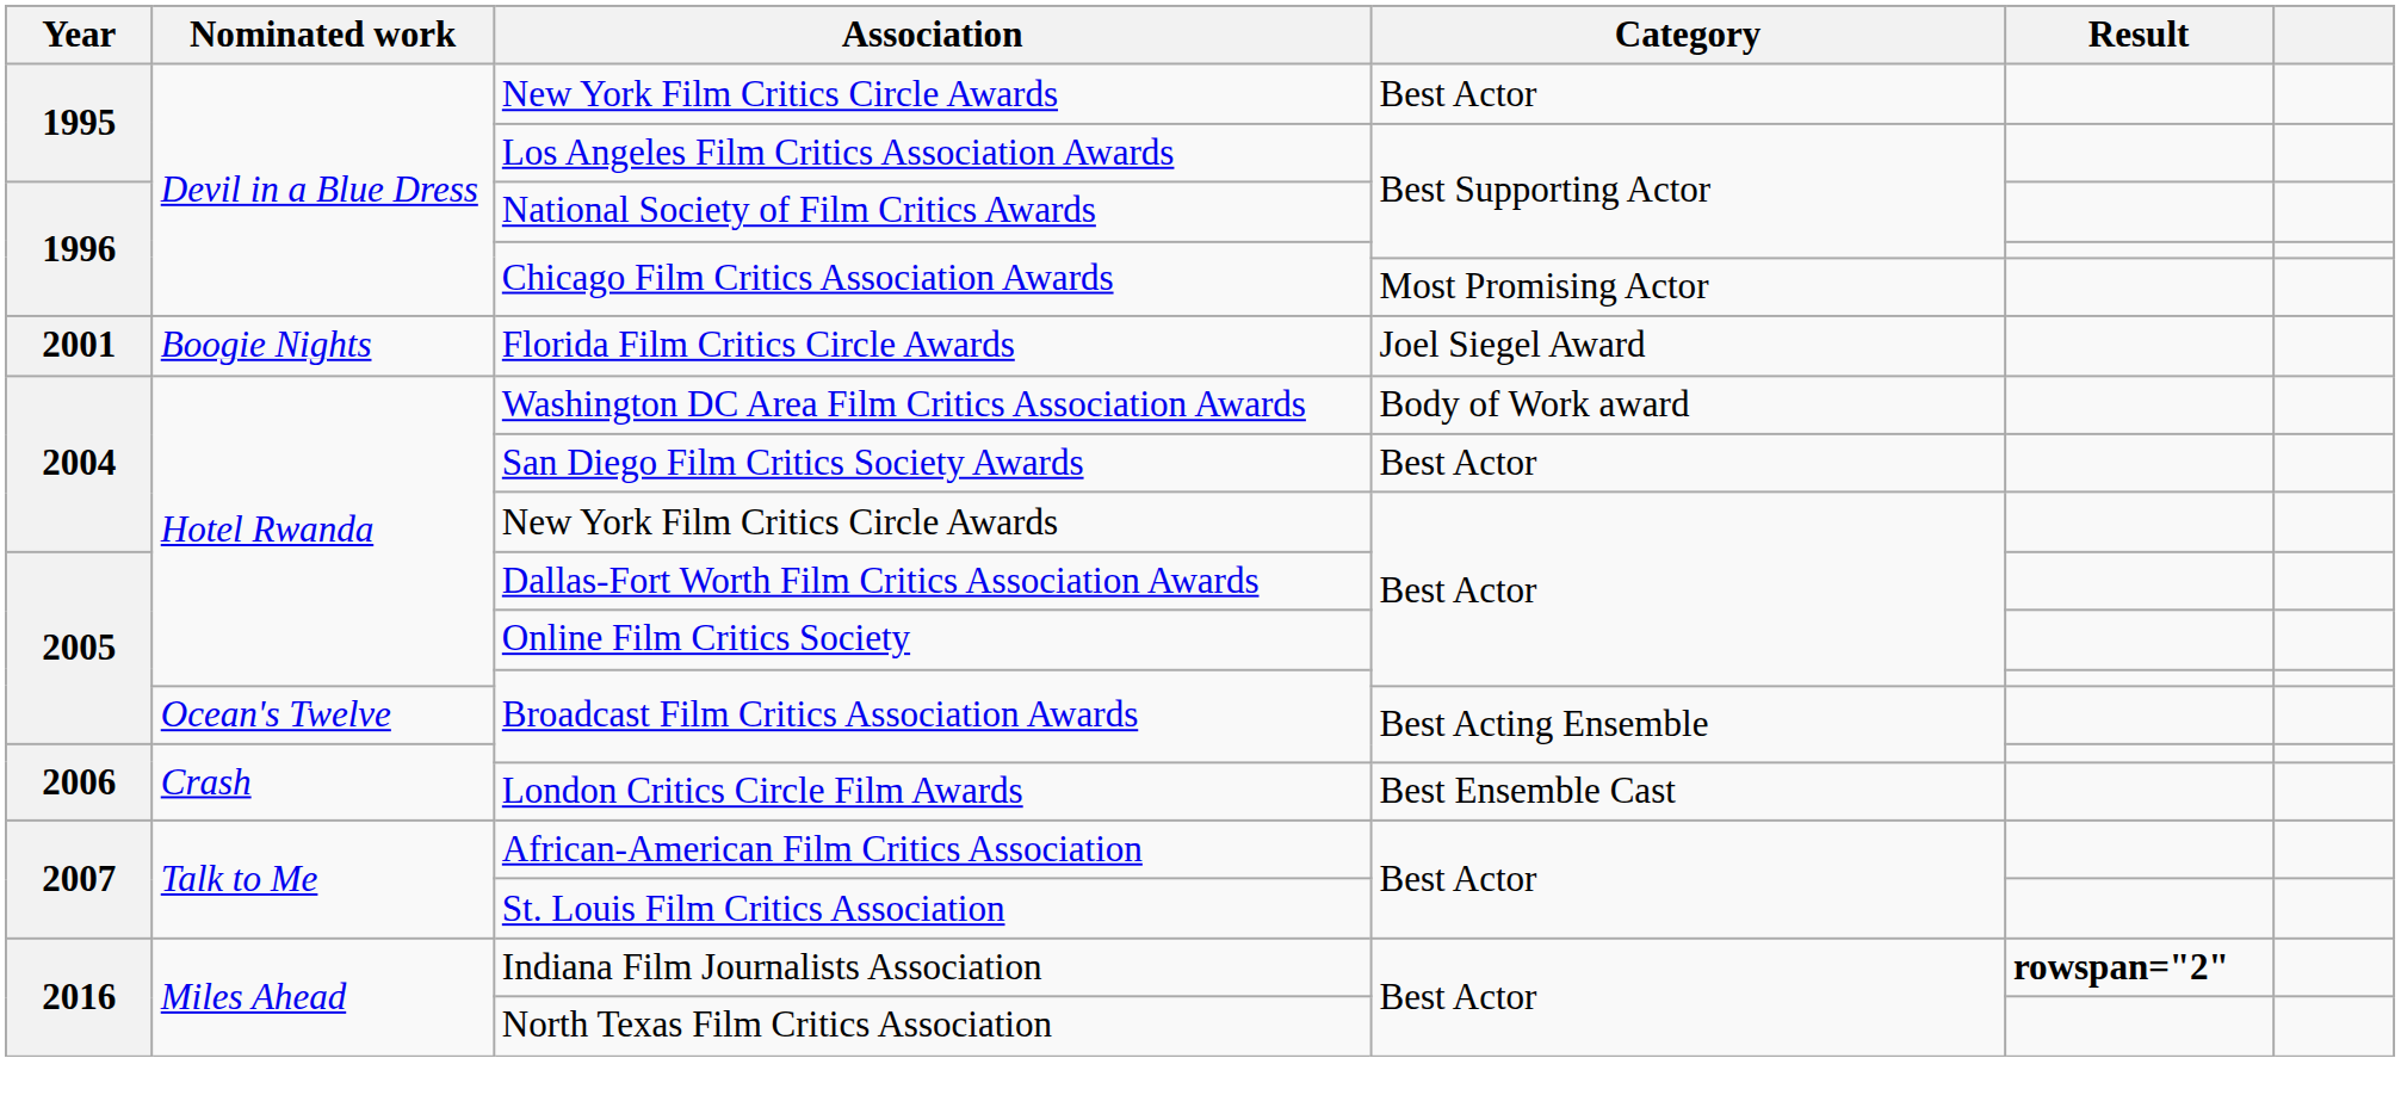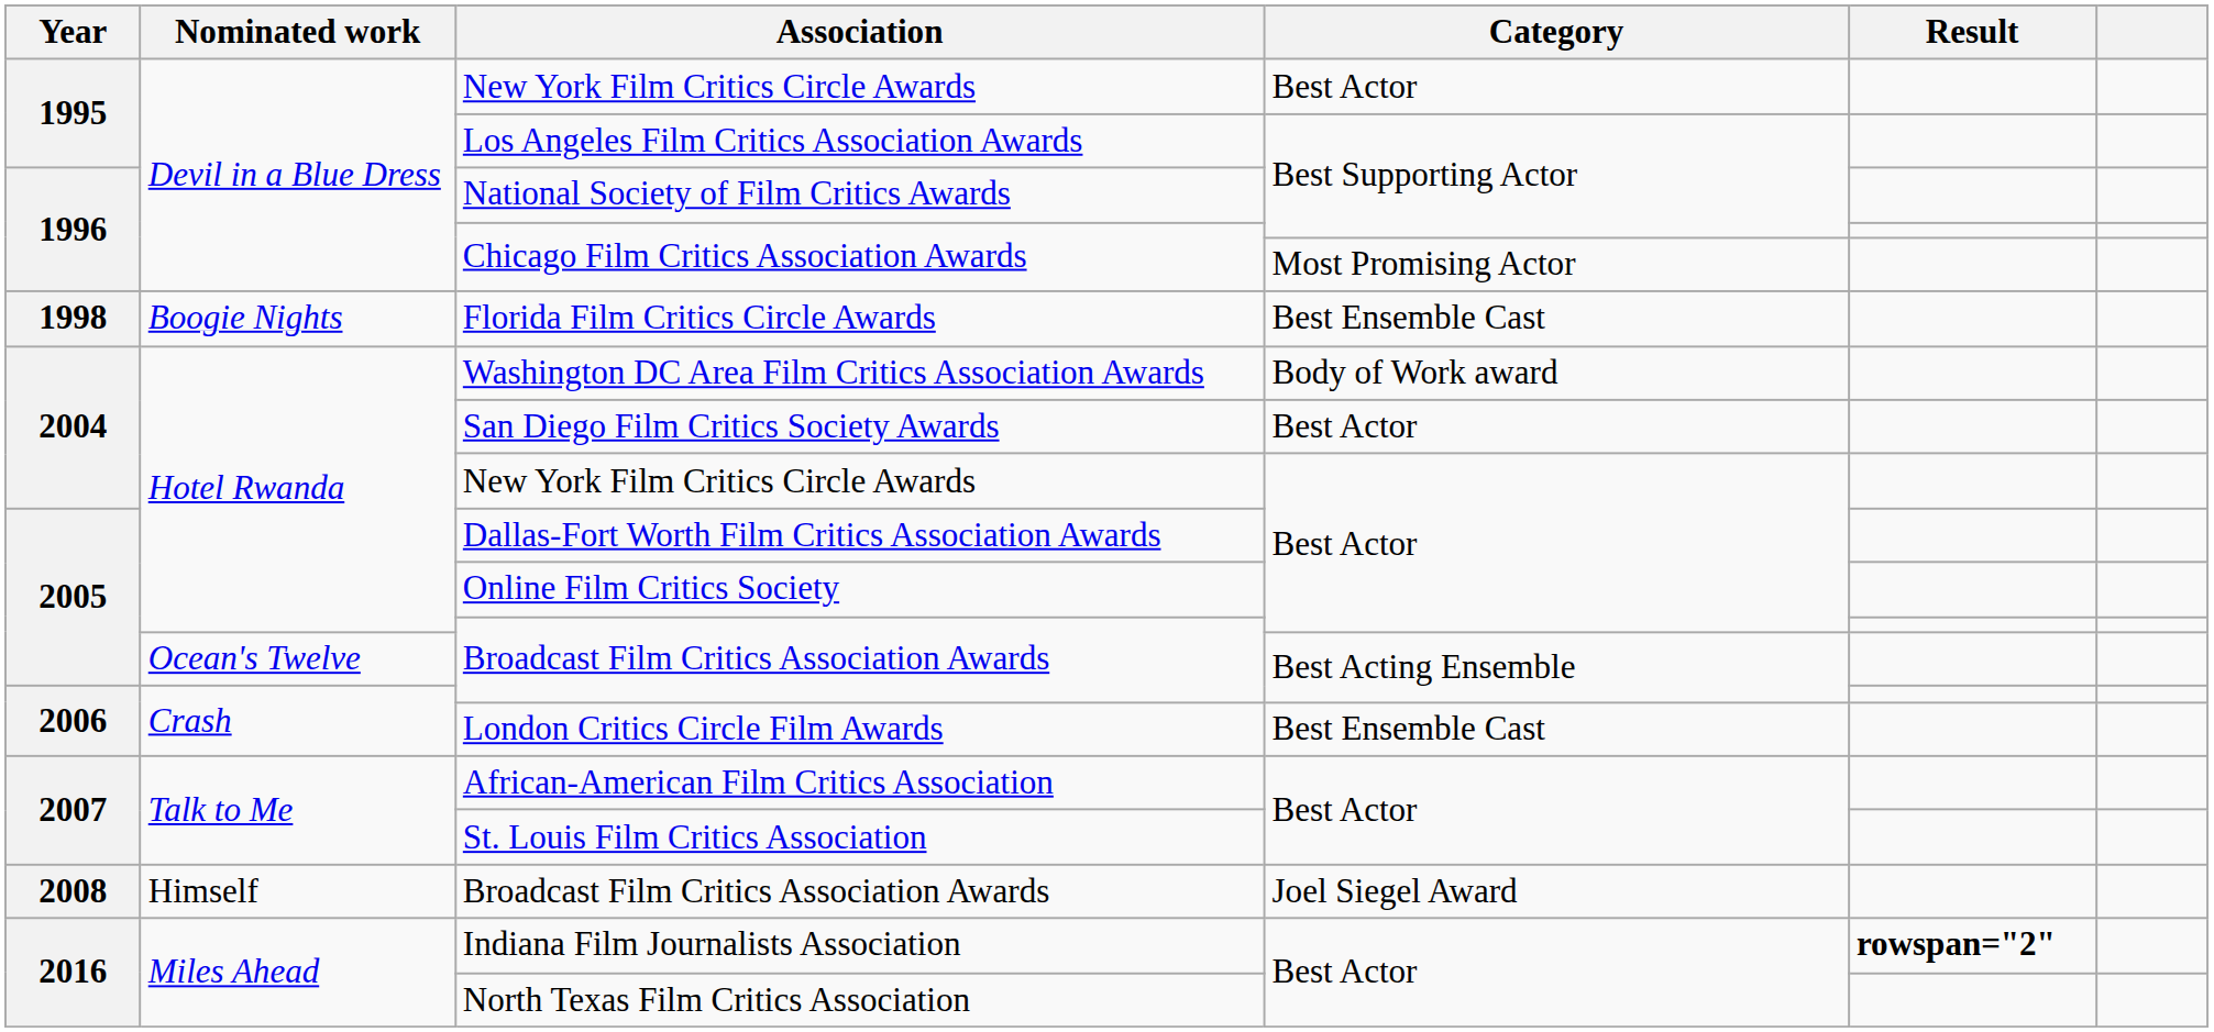 <table class="wikitable plainrowheaders">
 <tr>
 <th style="width:6%;" scope="col">Year</th>
 <th style="width:14%;" scope="col">Nominated work</th>
 <th style="width:36%;" scope="col">Association</th>
 <th style="width:26%;" scope="col">Category</th>
 <th style="width:11%;" scope="col">Result</th>
 <th style="width:5%;" scope="col"></th>
 </tr>
 <tr>
 <th rowspan="2" scope="row" style="text-align:center;">1995</th>
 <td rowspan="5"><em><a href='#'>Devil in a Blue Dress</a></em></td>
 <td><a href='#'>New York Film Critics Circle Awards</a></td>
 <td>Best Actor</td>
 <td></td>
 <td style="text-align:center;"></td>
 </tr>
 <tr>
 <td><a href='#'>Los Angeles Film Critics Association Awards</a></td>
 <td rowspan="3">Best Supporting Actor</td>
 <td></td>
 <td style="text-align:center;"></td>
 </tr>
 <tr>
 <th rowspan="3" scope="row" style="text-align:center;">1996</th>
 <td><a href='#'>National Society of Film Critics Awards</a></td>
 <td></td>
 <td style="text-align:center;"></td>
 </tr>
 <tr>
 <td rowspan="2"><a href='#'>Chicago Film Critics Association Awards</a></td>
 <td></td>
 <td style="text-align:center;"></td>
 </tr>
 <tr>
 <td>Most Promising Actor</td>
 <td></td>
 <td style="text-align:center;"></td>
 </tr>
 <tr>
-<th scope="row" style="text-align:center;">2001</th>
+<th scope="row" style="text-align:center;">1998</th>
 <td rowspan="1"><em><a href='#'>Boogie Nights</a></em></td>
 <td><a href='#'>Florida Film Critics Circle Awards</a></td>
-<td>Joel Siegel Award</td>
+<td>Best Ensemble Cast</td>
 <td></td>
 <td style="text-align:center;"></td>
 </tr>
 <tr>
 <th rowspan="3" scope="row" style="text-align:center;">2004</th>
 <td rowspan="6"><em><a href='#'>Hotel Rwanda</a></em></td>
 <td><a href='#'>Washington DC Area Film Critics Association Awards</a></td>
 <td>Body of Work award</td>
 <td></td>
 <td style="text-align:center;"></td>
 </tr>
 <tr>
 <td><a href='#'>San Diego Film Critics Society Awards</a></td>
 <td>Best Actor</td>
 <td></td>
 <td style="text-align:center;"></td>
 </tr>
 <tr>
 <td>New York Film Critics Circle Awards</td>
 <td rowspan="4">Best Actor</td>
 <td></td>
 <td style="text-align:center;"></td>
 </tr>
 <tr>
 <th rowspan="4" scope="row" style="text-align:center;">2005</th>
 <td><a href='#'>Dallas-Fort Worth Film Critics Association Awards</a></td>
 <td></td>
 <td style="text-align:center;"></td>
 </tr>
 <tr>
 <td><a href='#'>Online Film Critics Society</a></td>
 <td></td>
 <td style="text-align:center;"></td>
 </tr>
 <tr>
 <td rowspan="3"><a href='#'>Broadcast Film Critics Association Awards</a></td>
 <td></td>
 <td style="text-align:center;"></td>
 </tr>
 <tr>
 <td><em><a href='#'>Ocean's Twelve</a></em></td>
 <td rowspan="2">Best Acting Ensemble</td>
 <td></td>
 <td style="text-align:center;"></td>
 </tr>
 <tr>
 <th rowspan="2" scope="row" style="text-align:center;">2006</th>
 <td rowspan="2"><em><a href='#'>Crash</a></em></td>
 <td></td>
 <td style="text-align:center;"></td>
 </tr>
 <tr>
 <td><a href='#'>London Critics Circle Film Awards</a></td>
 <td>Best Ensemble Cast</td>
 <td></td>
 <td style="text-align:center;"></td>
 </tr>
 <tr>
 <th rowspan="2" scope="row" style="text-align:center;">2007</th>
 <td rowspan="2"><em><a href='#'>Talk to Me</a></em></td>
 <td><a href='#'>African-American Film Critics Association</a></td>
 <td rowspan="2">Best Actor</td>
 <td></td>
 <td style="text-align:center;"></td>
 </tr>
 <tr>
 <td><a href='#'>St. Louis Film Critics Association</a></td>
 <td></td>
 <td style="text-align:center;"></td>
 </tr>
 <tr>
+<th scope="row" style="text-align:center;">2008</th>
+<td>Himself</td>
+<td>Broadcast Film Critics Association Awards</td>
+<td>Joel Siegel Award</td>
+<td></td>
+<td style="text-align:center;"></td>
+</tr>
+<tr>
 <th rowspan="2" scope="row" style="text-align:center;">2016</th>
 <td rowspan="2"><em><a href='#'>Miles Ahead</a></em></td>
 <td>Indiana Film Journalists Association</td>
 <td rowspan="2">Best Actor</td>
 <td><strong>rowspan="2" </strong></td>
 <td style="text-align:center;"></td>
 </tr>
 <tr>
 <td>North Texas Film Critics Association</td>
 <td style="text-align:center;"></td>
 </tr>
 </table>
